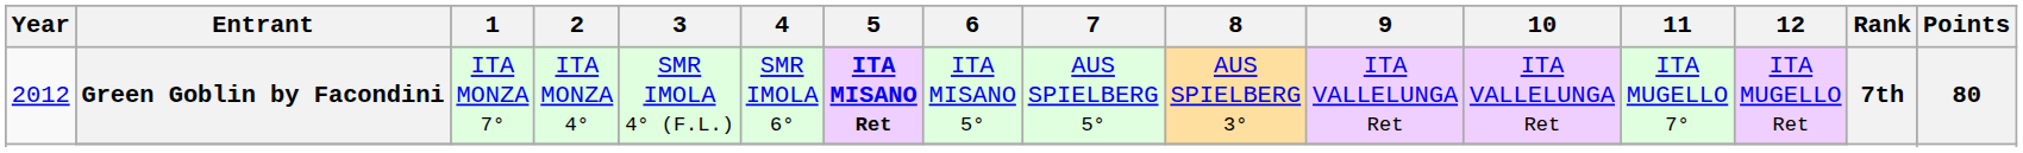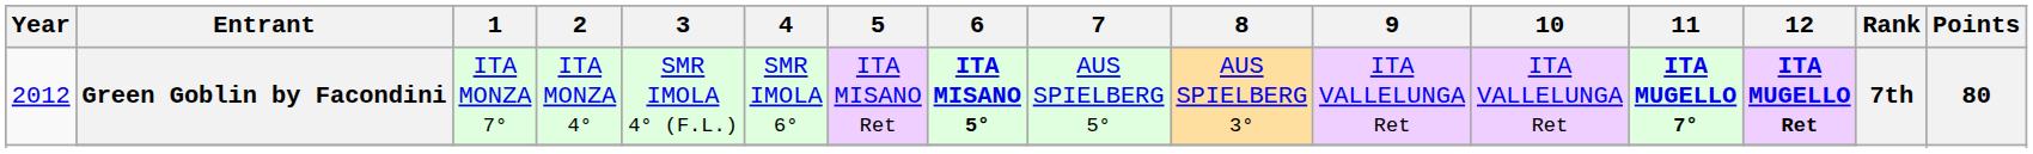 <table class="wikitable" style="text-align:center; font-size:90%">
 <tr>
 <th>Year</th>
 <th>Entrant</th>
 <th>1</th>
 <th>2</th>
 <th>3</th>
 <th>4</th>
 <th>5</th>
 <th>6</th>
 <th>7</th>
 <th>8</th>
 <th>9</th>
 <th>10</th>
 <th>11</th>
 <th>12</th>
 <th>Rank</th>
 <th>Points</th>
 </tr>
 <tr>
 <td rowspan=2><a href='#'>2012</a></td>
 <th>Green Goblin by Facondini</th>
 <td style="background:#DFFFDF;"><a href='#'>ITA<br>MONZA</a><br><small>7°</small></td>
 <td style="background:#DFFFDF;"><a href='#'>ITA<br>MONZA</a><br><small>4°</small></td>
 <td style="background:#DFFFDF;"><a href='#'>SMR<br>IMOLA</a><br><small>4° (F.L.)</small></td>
 <td style="background:#DFFFDF;"><a href='#'>SMR<br>IMOLA</a><br><small>6°</small></td>
-<td style="background:#EFCFFF;"><strong><a href='#'>ITA<br>MISANO</a><br><small>Ret</small></strong></td>
-<td style="background:#DFFFDF;"><a href='#'>ITA<br>MISANO</a><br><small>5°</small></td>
+<td style="background:#EFCFFF;"><a href='#'>ITA<br>MISANO</a><br><small>Ret</small></td>
+<td style="background:#DFFFDF;"><strong><a href='#'>ITA<br>MISANO</a><br><small>5°</small></strong></td>
 <td style="background:#DFFFDF;"><a href='#'>AUS<br>SPIELBERG</a><br><small>5°</small></td>
 <td style="background:#FFDF9F;"><a href='#'>AUS<br>SPIELBERG</a><br><small>3°</small></td>
 <td style="background:#EFCFFF;"><a href='#'>ITA<br> VALLELUNGA</a><br><small>Ret</small></td>
 <td style="background:#EFCFFF;"><a href='#'>ITA<br> VALLELUNGA</a><br><small>Ret</small></td>
-<td style="background:#DFFFDF;"><a href='#'>ITA<br> MUGELLO</a><br><small>7°</small></td>
-<td style="background:#EFCFFF;"><a href='#'>ITA<br> MUGELLO</a><br><small>Ret</small></td>
+<td style="background:#DFFFDF;"><strong><a href='#'>ITA<br> MUGELLO</a><br><small>7°</small></strong></td>
+<td style="background:#EFCFFF;"><strong><a href='#'>ITA<br> MUGELLO</a><br><small>Ret</small></strong></td>
 <th rowspan=2>7th</th>
 <th rowspan=2>80</th>
 </tr>
 <tr>
 </tr>
 </table>
